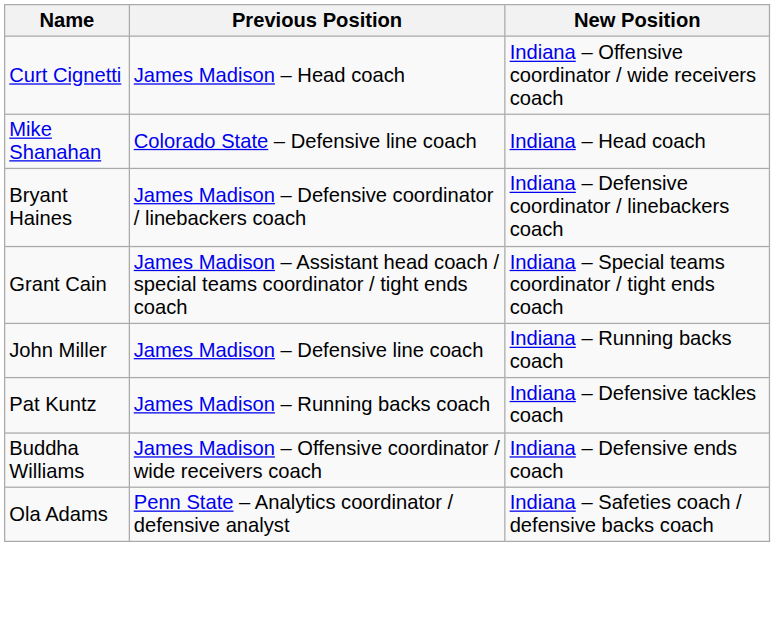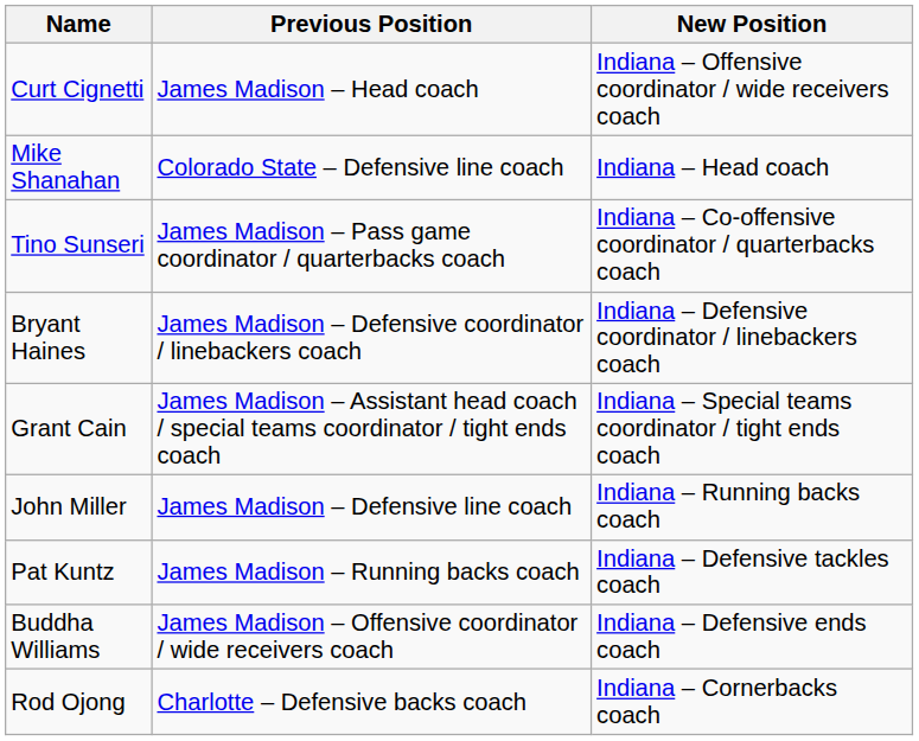 <table class="wikitable sortable" style="text-align:left">
 <tr>
 <th>Name</th>
 <th>Previous Position</th>
 <th>New Position</th>
 </tr>
 <tr>
 <td><a href='#'>Curt Cignetti</a></td>
 <td><a href='#'>James Madison</a> – Head coach</td>
 <td><a href='#'>Indiana</a> – Offensive coordinator / wide receivers coach</td>
 </tr>
 <tr>
 <td><a href='#'>Mike Shanahan</a></td>
 <td><a href='#'>Colorado State</a> – Defensive line coach</td>
 <td><a href='#'>Indiana</a> – Head coach</td>
+</tr>
+<tr>
+<td><a href='#'>Tino Sunseri</a></td>
+<td><a href='#'>James Madison</a> – Pass game coordinator / quarterbacks coach</td>
+<td><a href='#'>Indiana</a> – Co-offensive coordinator / quarterbacks coach</td>
 </tr>
 <tr>
 <td>Bryant Haines</td>
 <td><a href='#'>James Madison</a> – Defensive coordinator / linebackers coach</td>
 <td><a href='#'>Indiana</a> – Defensive coordinator / linebackers coach</td>
 </tr>
 <tr>
 <td>Grant Cain</td>
 <td><a href='#'>James Madison</a> – Assistant head coach / special teams coordinator / tight ends coach</td>
 <td><a href='#'>Indiana</a> – Special teams coordinator / tight ends coach</td>
 </tr>
 <tr>
 <td>John Miller</td>
 <td><a href='#'>James Madison</a> – Defensive line coach</td>
 <td><a href='#'>Indiana</a> – Running backs coach</td>
 </tr>
 <tr>
 <td>Pat Kuntz</td>
 <td><a href='#'>James Madison</a> – Running backs coach</td>
 <td><a href='#'>Indiana</a> – Defensive tackles coach</td>
 </tr>
 <tr>
 <td>Buddha Williams</td>
 <td><a href='#'>James Madison</a> – Offensive coordinator / wide receivers coach</td>
 <td><a href='#'>Indiana</a> – Defensive ends coach</td>
 </tr>
 <tr>
-<td>Ola Adams</td>
-<td><a href='#'>Penn State</a> – Analytics coordinator / defensive analyst</td>
-<td><a href='#'>Indiana</a> – Safeties coach / defensive backs coach</td>
+<td>Rod Ojong</td>
+<td><a href='#'>Charlotte</a> – Defensive backs coach</td>
+<td><a href='#'>Indiana</a> – Cornerbacks coach</td>
 </tr>
 </table>
